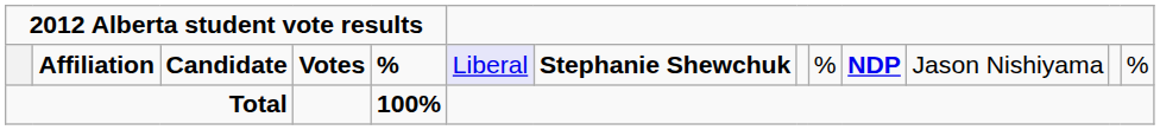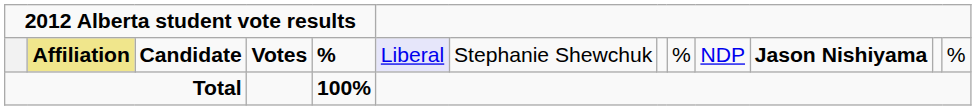 <table class="wikitable">
 <tr>
 <td colspan="5" align=center><strong>2012 Alberta student vote results</strong></td>
 </tr>
 <tr>
 <th style="width: 10px;"></th>
-<td><strong>Affiliation</strong></td>
+<td style="background: khaki;"><strong>Affiliation</strong></td>
 <td><strong>Candidate</strong></td>
 <td><strong>Votes</strong></td>
 <td><strong>%</strong><br>  </td>
 <td style="background: lavender;"><a href='#'>Liberal</a></td>
-<td><strong>Stephanie Shewchuk</strong></td>
+<td>Stephanie Shewchuk</td>
 <td></td>
 <td>%<br> </td>
-<td><strong><a href='#'>NDP</a></strong></td>
-<td>Jason Nishiyama</td>
+<td><a href='#'>NDP</a></td>
+<td><strong>Jason Nishiyama</strong></td>
 <td></td>
 <td>%</td>
 </tr>
 <tr>
 <td colspan="3" align="right"><strong>Total</strong></td>
 <td></td>
 <td><strong>100%</strong></td>
 </tr>
 </table>
